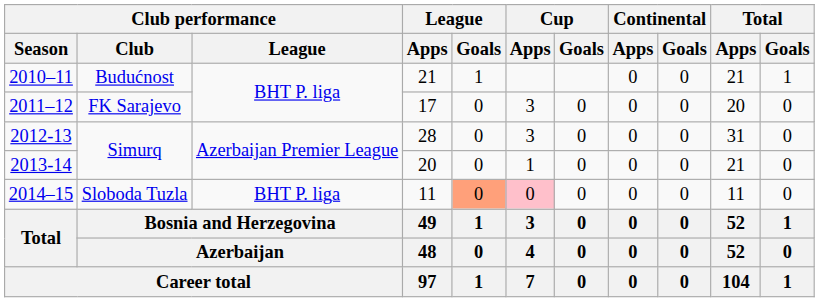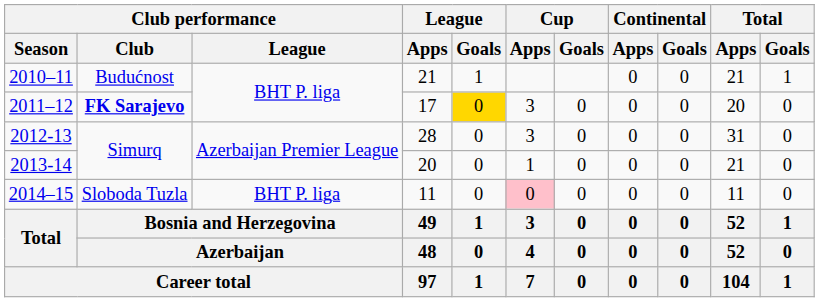 <table class="wikitable" style="text-align:center">
 <tr>
 <th colspan=3>Club performance</th>
 <th colspan=2>League</th>
 <th colspan=2>Cup</th>
 <th colspan=2>Continental</th>
 <th colspan=2>Total</th>
 </tr>
 <tr>
 <th>Season</th>
 <th>Club</th>
 <th>League</th>
 <th>Apps</th>
 <th>Goals</th>
 <th>Apps</th>
 <th>Goals</th>
 <th>Apps</th>
 <th>Goals</th>
 <th>Apps</th>
 <th>Goals</th>
 </tr>
 <tr>
 <td><a href='#'>2010–11</a></td>
 <td><a href='#'>Budućnost</a></td>
 <td rowspan="2"><a href='#'>BHT P. liga</a></td>
 <td>21</td>
 <td>1</td>
 <td></td>
 <td></td>
 <td>0</td>
 <td>0</td>
 <td>21</td>
 <td>1</td>
 </tr>
 <tr>
 <td><a href='#'>2011–12</a></td>
-<td><a href='#'>FK Sarajevo</a></td>
+<td><strong><a href='#'>FK Sarajevo</a></strong></td>
 <td>17</td>
-<td>0</td>
+<td style="background: gold;">0</td>
 <td>3</td>
 <td>0</td>
 <td>0</td>
 <td>0</td>
 <td>20</td>
 <td>0</td>
 </tr>
 <tr>
 <td><a href='#'>2012-13</a></td>
 <td rowspan="2"><a href='#'>Simurq</a></td>
 <td rowspan="2"><a href='#'>Azerbaijan Premier League</a></td>
 <td>28</td>
 <td>0</td>
 <td>3</td>
 <td>0</td>
 <td>0</td>
 <td>0</td>
 <td>31</td>
 <td>0</td>
 </tr>
 <tr>
 <td><a href='#'>2013-14</a></td>
 <td>20</td>
 <td>0</td>
 <td>1</td>
 <td>0</td>
 <td>0</td>
 <td>0</td>
 <td>21</td>
 <td>0</td>
 </tr>
 <tr>
 <td><a href='#'>2014–15</a></td>
 <td><a href='#'>Sloboda Tuzla</a></td>
 <td><a href='#'>BHT P. liga</a></td>
 <td>11</td>
-<td style="background: lightsalmon;">0</td>
+<td>0</td>
 <td style="background: pink;">0</td>
 <td>0</td>
 <td>0</td>
 <td>0</td>
 <td>11</td>
 <td>0</td>
 </tr>
 <tr>
 <th rowspan=2>Total</th>
 <th colspan=2>Bosnia and Herzegovina</th>
 <th>49</th>
 <th>1</th>
 <th>3</th>
 <th>0</th>
 <th>0</th>
 <th>0</th>
 <th>52</th>
 <th>1</th>
 </tr>
 <tr>
 <th colspan=2>Azerbaijan</th>
 <th>48</th>
 <th>0</th>
 <th>4</th>
 <th>0</th>
 <th>0</th>
 <th>0</th>
 <th>52</th>
 <th>0</th>
 </tr>
 <tr>
 <th colspan=3>Career total</th>
 <th>97</th>
 <th>1</th>
 <th>7</th>
 <th>0</th>
 <th>0</th>
 <th>0</th>
 <th>104</th>
 <th>1</th>
 </tr>
 </table>
